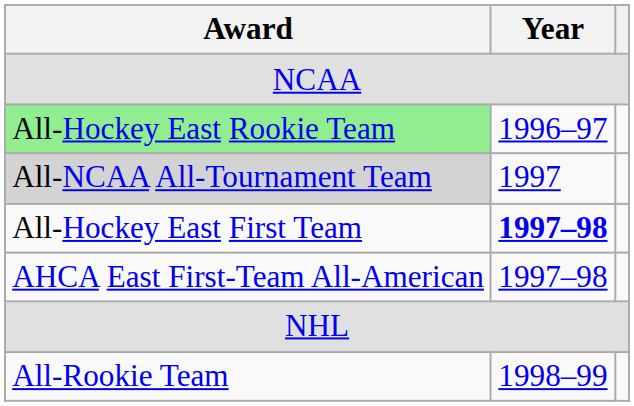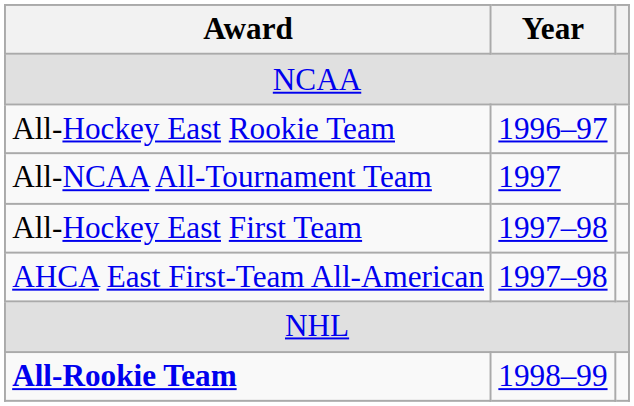 <table class="wikitable">
 <tr>
 <th>Award</th>
 <th>Year</th>
 <th></th>
 </tr>
 <tr ALIGN="center" bgcolor="#e0e0e0">
 <td colspan="3"><a href='#'>NCAA</a></td>
 </tr>
 <tr>
-<td style="background: lightgreen;">All-<a href='#'>Hockey East</a> <a href='#'>Rookie Team</a></td>
+<td>All-<a href='#'>Hockey East</a> <a href='#'>Rookie Team</a></td>
 <td><a href='#'>1996–97</a></td>
 <td></td>
 </tr>
 <tr>
-<td style="background: lightgrey;">All-<a href='#'>NCAA</a> <a href='#'>All-Tournament Team</a></td>
+<td>All-<a href='#'>NCAA</a> <a href='#'>All-Tournament Team</a></td>
 <td><a href='#'>1997</a></td>
 <td></td>
 </tr>
 <tr>
 <td>All-<a href='#'>Hockey East</a> <a href='#'>First Team</a></td>
-<td><strong><a href='#'>1997–98</a></strong></td>
+<td><a href='#'>1997–98</a></td>
 <td></td>
 </tr>
 <tr>
 <td><a href='#'>AHCA</a> <a href='#'>East First-Team All-American</a></td>
 <td><a href='#'>1997–98</a></td>
 <td></td>
 </tr>
 <tr ALIGN="center" bgcolor="#e0e0e0">
 <td colspan="3"><a href='#'>NHL</a></td>
 </tr>
 <tr>
-<td><a href='#'>All-Rookie Team</a></td>
+<td><strong><a href='#'>All-Rookie Team</a></strong></td>
 <td><a href='#'>1998–99</a></td>
 <td></td>
 </tr>
 </table>
